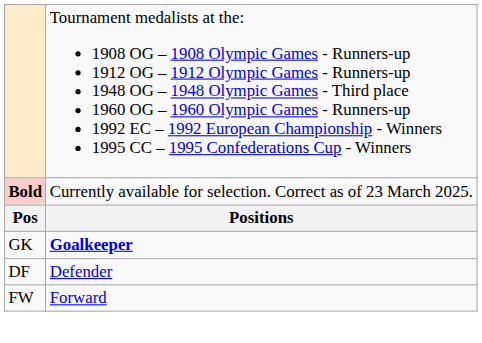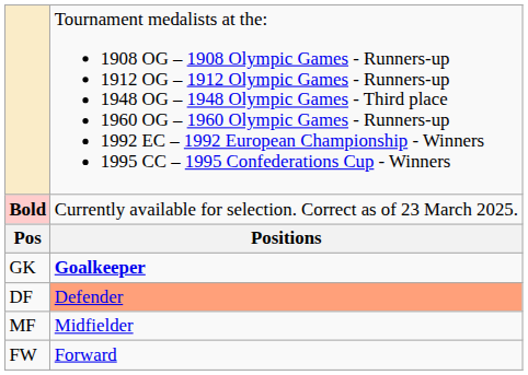 <table class="wikitable">
 <tr>
 <td style="background-color:#faecc8"></td>
 <td>Tournament medalists at the:<br><ul><li>1908 OG – <a href='#'>1908 Olympic Games</a> -  Runners-up</li><li>1912 OG – <a href='#'>1912 Olympic Games</a> -  Runners-up</li><li>1948 OG – <a href='#'>1948 Olympic Games</a> -  Third place</li><li>1960 OG – <a href='#'>1960 Olympic Games</a> -  Runners-up</li><li>1992 EC – <a href='#'>1992 European Championship</a> -  Winners</li><li>1995 CC – <a href='#'>1995 Confederations Cup</a> -  Winners</li></ul></td>
 </tr>
 <tr>
 <td style="background-color:#FFCCCC"><strong>Bold</strong></td>
 <td>Currently available for selection. Correct as of 23 March 2025.</td>
 </tr>
 <tr>
 <th>Pos</th>
 <th style="align: left">Positions</th>
 </tr>
 <tr>
 <td>GK</td>
 <td><strong><a href='#'>Goalkeeper</a></strong></td>
 </tr>
 <tr>
 <td>DF</td>
-<td><a href='#'>Defender</a></td>
+<td style="background: lightsalmon;"><a href='#'>Defender</a></td>
+</tr>
+<tr>
+<td>MF</td>
+<td><a href='#'>Midfielder</a></td>
 </tr>
 <tr>
 <td>FW</td>
 <td><a href='#'>Forward</a></td>
 </tr>
 </table>
